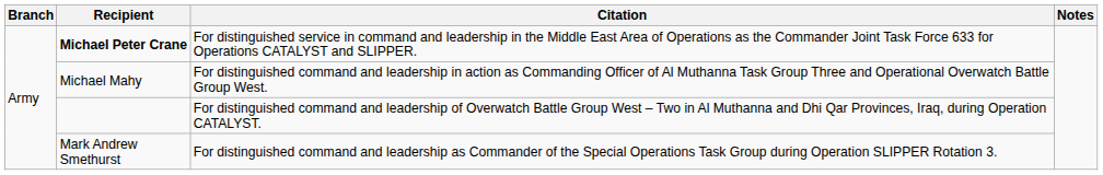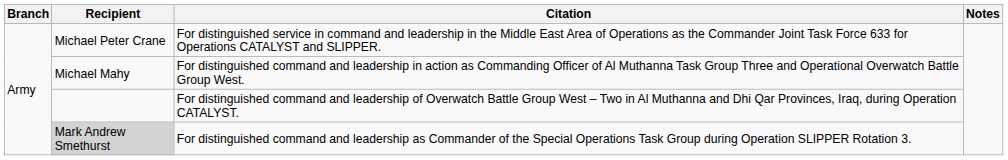 <table class="wikitable" style="font-size:95%;">
 <tr>
 <th>Branch</th>
 <th>Recipient</th>
 <th>Citation</th>
 <th>Notes</th>
 </tr>
 <tr>
 <td rowspan=4>Army</td>
-<td><strong> Michael Peter Crane </strong></td>
+<td> Michael Peter Crane </td>
 <td>For distinguished service in command and leadership in the Middle East Area of Operations as the Commander Joint Task Force 633 for Operations CATALYST and SLIPPER.</td>
 <td rowspan=4></td>
 </tr>
 <tr>
 <td> Michael Mahy</td>
 <td>For distinguished command and leadership in action as Commanding Officer of Al Muthanna Task Group Three and Operational Overwatch Battle Group West.</td>
 </tr>
 <tr>
 <td></td>
 <td>For distinguished command and leadership of Overwatch Battle Group West – Two in Al Muthanna and Dhi Qar Provinces, Iraq, during Operation CATALYST.</td>
 </tr>
 <tr>
-<td> Mark Andrew Smethurst </td>
+<td style="background: lightgrey;"> Mark Andrew Smethurst </td>
 <td>For distinguished command and leadership as Commander of the Special Operations Task Group during Operation SLIPPER Rotation 3.</td>
 </tr>
 </table>
